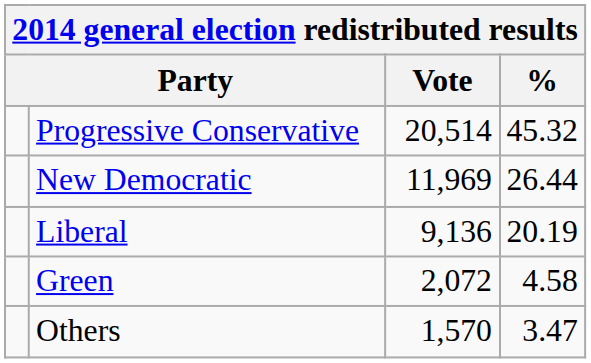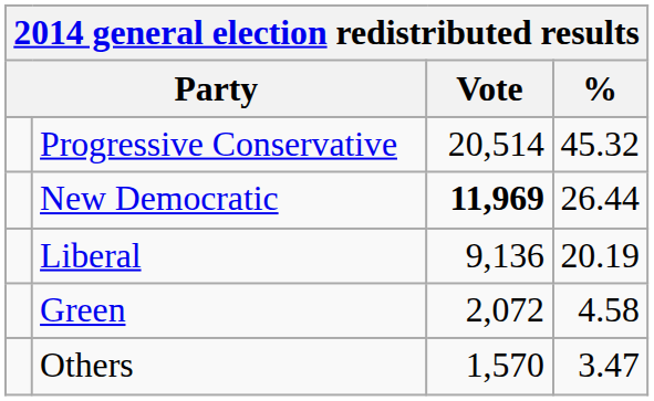 <table class="wikitable">
 <tr>
 <th colspan="4"><a href='#'>2014 general election</a> redistributed results</th>
 </tr>
 <tr>
 <th bgcolor="#DDDDFF" width="130px" colspan="2">Party</th>
 <th bgcolor="#DDDDFF" width="50px">Vote</th>
 <th bgcolor="#DDDDFF" width="30px">%</th>
 </tr>
 <tr>
 <td> </td>
 <td><a href='#'>Progressive Conservative</a></td>
 <td align=right>20,514</td>
 <td align=right>45.32</td>
 </tr>
 <tr>
 <td> </td>
 <td><a href='#'>New Democratic</a></td>
-<td align=right>11,969</td>
+<td align=right><strong>11,969</strong></td>
 <td align=right>26.44</td>
 </tr>
 <tr>
 <td> </td>
 <td><a href='#'>Liberal</a></td>
 <td align=right>9,136</td>
 <td align=right>20.19</td>
 </tr>
 <tr>
 <td> </td>
 <td><a href='#'>Green</a></td>
 <td align=right>2,072</td>
 <td align=right>4.58</td>
 </tr>
 <tr>
 <td> </td>
 <td>Others</td>
 <td align=right>1,570</td>
 <td align=right>3.47</td>
 </tr>
 </table>
